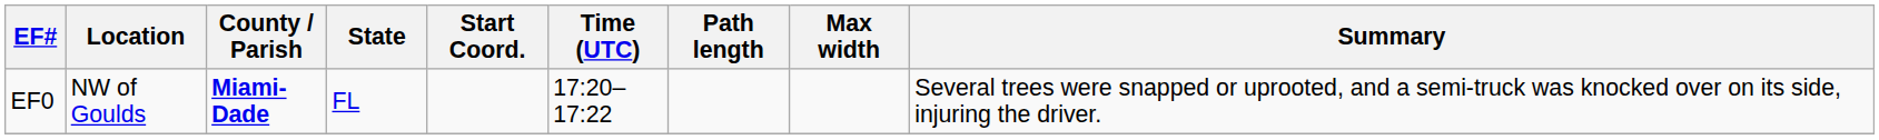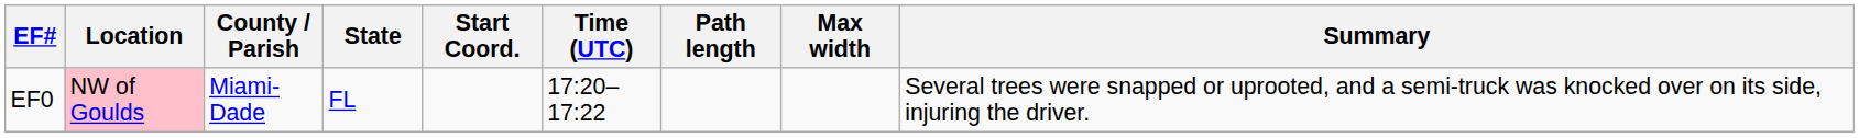 <table class="wikitable sortable" style="width:100%;">
 <tr>
 <th scope="col"  style="width:3%; text-align:center;"><a href='#'>EF#</a></th>
 <th scope="col"  style="width:7%; text-align:center;" class="unsortable">Location</th>
 <th scope="col"  style="width:6%; text-align:center;" class="unsortable">County / Parish</th>
 <th scope="col"  style="width:5%; text-align:center;">State</th>
 <th scope="col"  style="width:6%; text-align:center;">Start Coord.</th>
 <th scope="col"  style="width:6%; text-align:center;">Time (<a href='#'>UTC</a>)</th>
 <th scope="col"  style="width:6%; text-align:center;">Path length</th>
 <th scope="col"  style="width:6%; text-align:center;">Max width</th>
 <th scope="col" class="unsortable" style="width:48%; text-align:center;">Summary</th>
 </tr>
 <tr>
 <td>EF0</td>
-<td>NW of <a href='#'>Goulds</a></td>
-<td><strong><a href='#'>Miami-Dade</a></strong></td>
+<td style="background: pink;">NW of <a href='#'>Goulds</a></td>
+<td><a href='#'>Miami-Dade</a></td>
 <td><a href='#'>FL</a></td>
 <td></td>
 <td>17:20–17:22</td>
 <td></td>
 <td></td>
 <td>Several trees were snapped or uprooted, and a semi-truck was knocked over on its side, injuring the driver.</td>
 </tr>
 <tr>
 </tr>
 </table>
